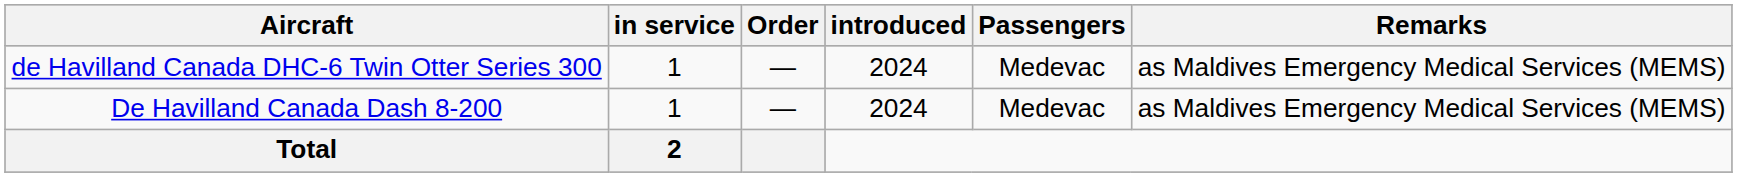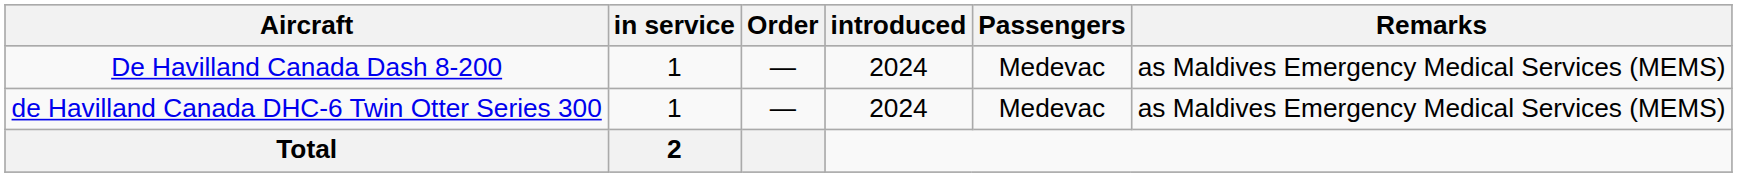 <table class="wikitable toccolours" border="1" cellpadding="2" style="margin:1em auto; border-collapse:collapse;text-align:center;">
 <tr>
 <th>Aircraft</th>
 <th>in service</th>
 <th>Order</th>
 <th>introduced</th>
 <th>Passengers</th>
 <th>Remarks</th>
 </tr>
 <tr>
+<td><a href='#'>De Havilland Canada Dash 8-200</a></td>
+<td>1</td>
+<td>—</td>
+<td>2024</td>
+<td>Medevac </td>
+<td>as Maldives Emergency Medical Services (MEMS)</td>
+</tr>
+<tr>
 <td><a href='#'>de Havilland Canada DHC-6 Twin Otter Series 300</a></td>
 <td>1</td>
 <td>—</td>
 <td>2024</td>
 <td>Medevac</td>
 <td>as Maldives Emergency Medical Services (MEMS)</td>
 </tr>
 <tr>
-<td><a href='#'>De Havilland Canada Dash 8-200</a></td>
-<td>1</td>
-<td>—</td>
-<td>2024</td>
-<td>Medevac </td>
-<td>as Maldives Emergency Medical Services (MEMS)</td>
-</tr>
-<tr>
 <th>Total</th>
 <th>2</th>
 <th></th>
 </tr>
 </table>
